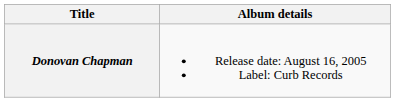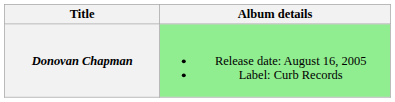 <table class="wikitable plainrowheaders" style="text-align:center;">
 <tr>
 <th style="width:12em;">Title</th>
 <th style="width:18em;">Album details</th>
 </tr>
 <tr>
 <th scope="row"><em>Donovan Chapman</em></th>
-<td><br><ul><li>Release date: August 16, 2005</li><li>Label: Curb Records</li></ul></td>
+<td style="background: lightgreen;"><br><ul><li>Release date: August 16, 2005</li><li>Label: Curb Records</li></ul></td>
 </tr>
 </table>
